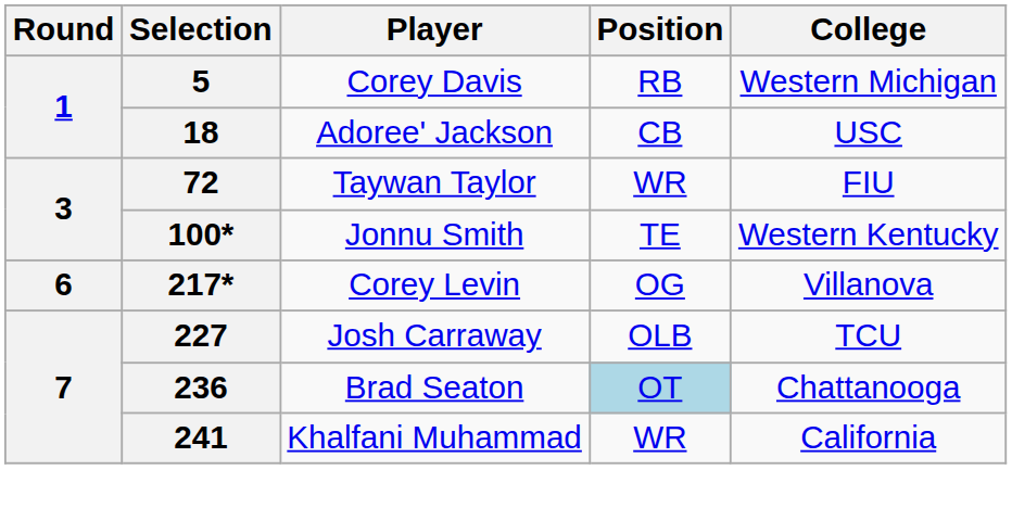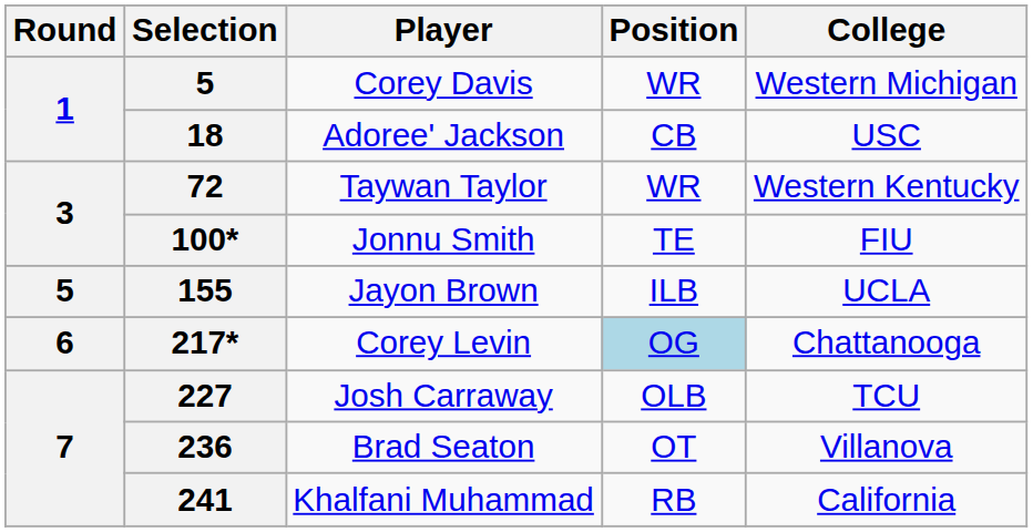 <table class="wikitable" style="text-align:center">
 <tr>
 <th>Round</th>
 <th>Selection</th>
 <th>Player</th>
 <th>Position</th>
 <th>College</th>
 </tr>
 <tr>
 <th rowspan="2"><a href='#'>1</a></th>
 <th>5</th>
 <td><a href='#'>Corey Davis</a></td>
-<td><a href='#'>RB</a></td>
+<td><a href='#'>WR</a></td>
 <td><a href='#'>Western Michigan</a></td>
 </tr>
 <tr>
 <th>18</th>
 <td><a href='#'>Adoree' Jackson</a></td>
 <td><a href='#'>CB</a></td>
 <td><a href='#'>USC</a></td>
 </tr>
 <tr>
 <th rowspan="2">3</th>
 <th>72</th>
 <td><a href='#'>Taywan Taylor</a></td>
 <td><a href='#'>WR</a></td>
-<td><a href='#'>FIU</a></td>
+<td><a href='#'>Western Kentucky</a></td>
 </tr>
 <tr>
 <th>100*</th>
 <td><a href='#'>Jonnu Smith</a></td>
 <td><a href='#'>TE</a></td>
-<td><a href='#'>Western Kentucky</a></td>
+<td><a href='#'>FIU</a></td>
+</tr>
+<tr>
+<th>5</th>
+<th>155</th>
+<td><a href='#'>Jayon Brown</a></td>
+<td><a href='#'>ILB</a></td>
+<td><a href='#'>UCLA</a></td>
 </tr>
 <tr>
 <th>6</th>
 <th>217*</th>
 <td><a href='#'>Corey Levin</a></td>
-<td><a href='#'>OG</a></td>
-<td><a href='#'>Villanova</a></td>
+<td style="background: lightblue;"><a href='#'>OG</a></td>
+<td><a href='#'>Chattanooga</a></td>
 </tr>
 <tr>
 <th rowspan="3">7</th>
 <th>227</th>
 <td><a href='#'>Josh Carraway</a></td>
 <td><a href='#'>OLB</a></td>
 <td><a href='#'>TCU</a></td>
 </tr>
 <tr>
 <th>236</th>
 <td><a href='#'>Brad Seaton</a></td>
-<td style="background: lightblue;"><a href='#'>OT</a></td>
-<td><a href='#'>Chattanooga</a></td>
+<td><a href='#'>OT</a></td>
+<td><a href='#'>Villanova</a></td>
 </tr>
 <tr>
 <th>241</th>
 <td><a href='#'>Khalfani Muhammad</a></td>
-<td><a href='#'>WR</a></td>
+<td><a href='#'>RB</a></td>
 <td><a href='#'>California</a></td>
 </tr>
 </table>
